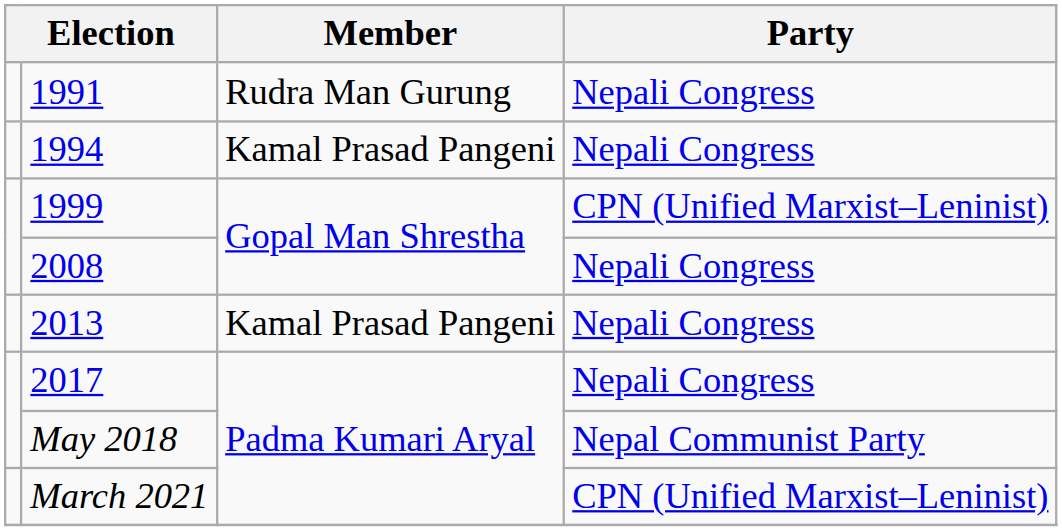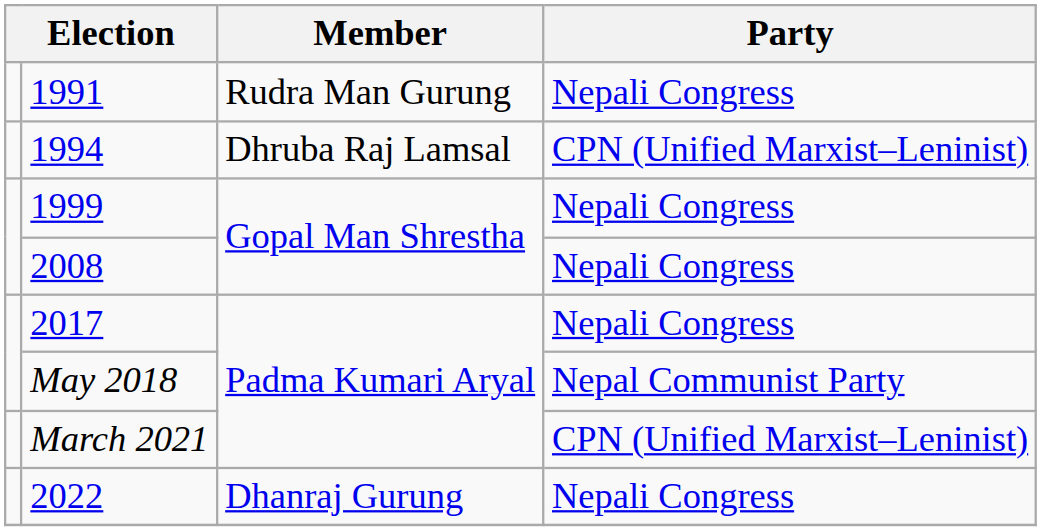 <table class="wikitable">
 <tr>
 <th colspan="2">Election</th>
 <th>Member</th>
 <th>Party</th>
 </tr>
 <tr>
 <td style="background-color:"></td>
 <td><a href='#'>1991</a></td>
 <td>Rudra Man Gurung</td>
 <td><a href='#'>Nepali Congress</a></td>
 </tr>
 <tr>
 <td style="background-color:"></td>
 <td><a href='#'>1994</a></td>
-<td>Kamal Prasad Pangeni</td>
-<td><a href='#'>Nepali Congress</a></td>
+<td>Dhruba Raj Lamsal</td>
+<td><a href='#'>CPN (Unified Marxist–Leninist)</a></td>
 </tr>
 <tr>
 <td rowspan="2" style="background-color:"></td>
 <td><a href='#'>1999</a></td>
 <td rowspan="2"><a href='#'>Gopal Man Shrestha</a></td>
-<td><a href='#'>CPN (Unified Marxist–Leninist)</a></td>
+<td><a href='#'>Nepali Congress</a></td>
 </tr>
 <tr>
 <td><a href='#'>2008</a></td>
-<td><a href='#'>Nepali Congress</a></td>
-</tr>
-<tr>
-<td style="background-color:"></td>
-<td><a href='#'>2013</a></td>
-<td>Kamal Prasad Pangeni</td>
 <td><a href='#'>Nepali Congress</a></td>
 </tr>
 <tr>
 <td rowspan="2" style="background-color:"></td>
 <td><a href='#'>2017</a></td>
 <td rowspan="3"><a href='#'>Padma Kumari Aryal</a></td>
 <td><a href='#'>Nepali Congress</a></td>
 </tr>
 <tr>
 <td><em>May 2018</em></td>
 <td><a href='#'>Nepal Communist Party</a></td>
 </tr>
 <tr>
 <td></td>
 <td><em>March 2021</em></td>
 <td><a href='#'>CPN (Unified Marxist–Leninist)</a></td>
 </tr>
 <tr>
+<td style="background-color:"></td>
+<td><a href='#'>2022</a></td>
+<td><a href='#'>Dhanraj Gurung</a></td>
+<td><a href='#'>Nepali Congress</a></td>
+</tr>
+<tr>
 </tr>
 </table>
